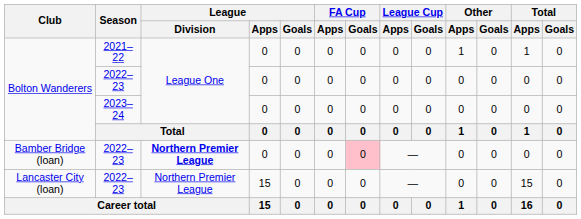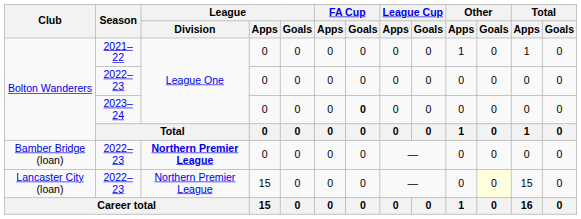 <table class="wikitable" style="text-align: center">
 <tr>
 <th rowspan="2">Club</th>
 <th rowspan="2">Season</th>
 <th colspan="3">League</th>
 <th colspan="2"><a href='#'>FA Cup</a></th>
 <th colspan="2"><a href='#'>League Cup</a></th>
 <th colspan="2">Other</th>
 <th colspan="2">Total</th>
 </tr>
 <tr>
 <th>Division</th>
 <th>Apps</th>
 <th>Goals</th>
 <th>Apps</th>
 <th>Goals</th>
 <th>Apps</th>
 <th>Goals</th>
 <th>Apps</th>
 <th>Goals</th>
 <th>Apps</th>
 <th>Goals</th>
 </tr>
 <tr>
 <td rowspan="4"><a href='#'>Bolton Wanderers</a></td>
 <td><a href='#'>2021–22</a></td>
 <td rowspan="3"><a href='#'>League One</a></td>
 <td>0</td>
 <td>0</td>
 <td>0</td>
 <td>0</td>
 <td>0</td>
 <td>0</td>
 <td>1</td>
 <td>0</td>
 <td>1</td>
 <td>0</td>
 </tr>
 <tr>
 <td><a href='#'>2022–23</a></td>
 <td>0</td>
 <td>0</td>
 <td>0</td>
 <td>0</td>
 <td>0</td>
 <td>0</td>
 <td>0</td>
 <td>0</td>
 <td>0</td>
 <td>0</td>
 </tr>
 <tr>
 <td><a href='#'>2023–24</a></td>
 <td>0</td>
 <td>0</td>
 <td>0</td>
-<td>0</td>
+<td><strong>0</strong></td>
 <td>0</td>
 <td>0</td>
 <td>0</td>
 <td>0</td>
 <td>0</td>
 <td>0</td>
 </tr>
 <tr>
 <th colspan=2>Total</th>
 <th>0</th>
 <th>0</th>
 <th>0</th>
 <th>0</th>
 <th>0</th>
 <th>0</th>
 <th>1</th>
 <th>0</th>
 <th>1</th>
 <th>0</th>
 </tr>
 <tr>
 <td><a href='#'>Bamber Bridge</a> (loan)</td>
 <td><a href='#'>2022–23</a></td>
 <td><strong><a href='#'>Northern Premier League</a></strong></td>
 <td>0</td>
 <td>0</td>
 <td>0</td>
-<td style="background: pink;">0</td>
+<td>0</td>
 <td colspan=2>—</td>
 <td>0</td>
 <td>0</td>
 <td>0</td>
 <td>0</td>
 </tr>
 <tr>
 <td><a href='#'>Lancaster City</a> (loan)</td>
 <td><a href='#'>2022–23</a></td>
 <td><a href='#'>Northern Premier League</a></td>
 <td>15</td>
 <td>0</td>
 <td>0</td>
 <td>0</td>
 <td colspan=2>—</td>
 <td>0</td>
-<td>0</td>
+<td style="background: lightyellow;">0</td>
 <td>15</td>
 <td>0</td>
 </tr>
 <tr>
 <th colspan="3">Career total</th>
 <th>15</th>
 <th>0</th>
 <th>0</th>
 <th>0</th>
 <th>0</th>
 <th>0</th>
 <th>1</th>
 <th>0</th>
 <th>16</th>
 <th>0</th>
 </tr>
 </table>
